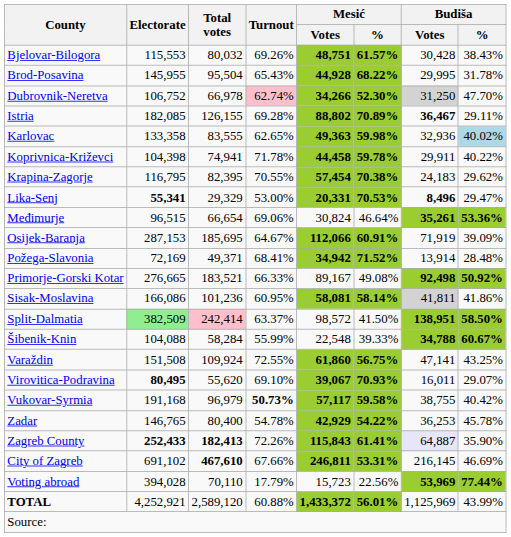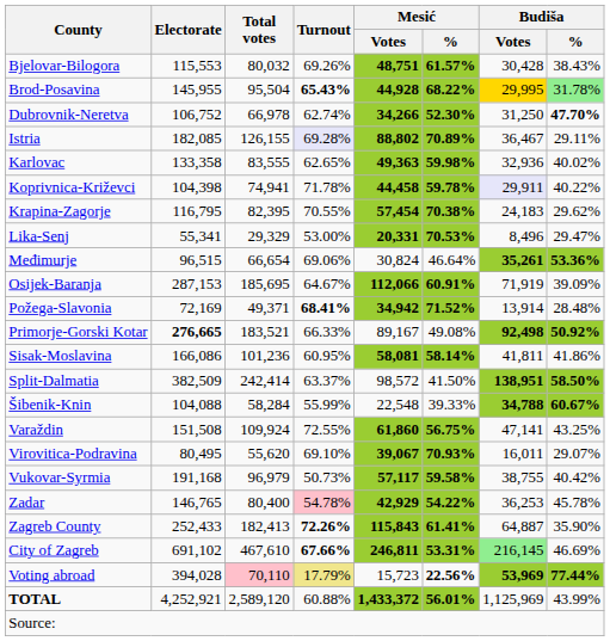 <table class="wikitable sortable">
 <tr>
 <th rowspan=2>County</th>
 <th rowspan=2>Electorate</th>
 <th rowspan=2>Total<br>votes</th>
 <th rowspan=2>Turnout</th>
 <th colspan=2>Mesić</th>
 <th colspan=2>Budiša</th>
 </tr>
 <tr>
 <th>Votes</th>
 <th>%</th>
 <th>Votes</th>
 <th>%</th>
 </tr>
 <tr align=right>
 <td align=left><a href='#'>Bjelovar-Bilogora</a></td>
 <td>115,553</td>
 <td>80,032</td>
 <td>69.26%</td>
 <td style="background:#9ACD32"><strong>48,751</strong></td>
 <td style="background:#9ACD32"><strong>61.57%</strong></td>
 <td>30,428</td>
 <td>38.43%</td>
 </tr>
 <tr align=right>
 <td align=left><a href='#'>Brod-Posavina</a></td>
 <td>145,955</td>
 <td>95,504</td>
-<td>65.43%</td>
+<td><strong>65.43%</strong></td>
 <td style="background:#9ACD32"><strong>44,928</strong></td>
 <td style="background:#9ACD32"><strong>68.22%</strong></td>
-<td>29,995</td>
-<td>31.78%</td>
+<td style="background: gold;">29,995</td>
+<td style="background: lightgreen;">31.78%</td>
 </tr>
 <tr align=right>
 <td align=left><a href='#'>Dubrovnik-Neretva</a></td>
 <td>106,752</td>
 <td>66,978</td>
-<td style="background: pink;">62.74%</td>
+<td>62.74%</td>
 <td style="background:#9ACD32"><strong>34,266 </strong></td>
 <td style="background:#9ACD32"><strong>52.30%</strong></td>
-<td style="background: lightgrey;">31,250</td>
-<td>47.70%</td>
+<td>31,250</td>
+<td><strong>47.70%</strong></td>
 </tr>
 <tr align=right>
 <td align=left><a href='#'>Istria</a></td>
 <td>182,085</td>
 <td>126,155</td>
-<td>69.28%</td>
+<td style="background: lavender;">69.28%</td>
 <td style="background:#9ACD32"><strong>88,802</strong></td>
 <td style="background:#9ACD32"><strong>70.89%</strong></td>
-<td><strong>36,467</strong></td>
+<td>36,467</td>
 <td>29.11%</td>
 </tr>
 <tr align=right>
 <td align=left><a href='#'>Karlovac</a></td>
 <td>133,358</td>
 <td>83,555</td>
 <td>62.65%</td>
 <td style="background:#9ACD32"><strong>49,363</strong></td>
 <td style="background:#9ACD32"><strong>59.98%</strong></td>
 <td>32,936</td>
-<td style="background: lightblue;">40.02%</td>
+<td>40.02%</td>
 </tr>
 <tr align=right>
 <td align=left><a href='#'>Koprivnica-Križevci</a></td>
 <td>104,398</td>
 <td>74,941</td>
 <td>71.78%</td>
 <td style="background:#9ACD32"><strong>44,458 </strong></td>
 <td style="background:#9ACD32"><strong>59.78%</strong></td>
-<td>29,911</td>
+<td style="background: lavender;">29,911</td>
 <td>40.22%</td>
 </tr>
 <tr align=right>
 <td align=left><a href='#'>Krapina-Zagorje</a></td>
 <td>116,795</td>
 <td>82,395</td>
 <td>70.55%</td>
 <td style="background:#9ACD32"><strong>57,454 </strong></td>
 <td style="background:#9ACD32"><strong>70.38%</strong></td>
 <td>24,183</td>
 <td>29.62%</td>
 </tr>
 <tr align=right>
 <td align=left><a href='#'>Lika-Senj</a></td>
-<td><strong>55,341</strong></td>
+<td>55,341</td>
 <td>29,329</td>
 <td>53.00%</td>
 <td style="background:#9ACD32"><strong>20,331 </strong></td>
 <td style="background:#9ACD32"><strong>70.53%</strong></td>
-<td><strong>8,496</strong></td>
+<td>8,496</td>
 <td>29.47%</td>
 </tr>
 <tr align=right>
 <td align=left><a href='#'>Međimurje</a></td>
 <td>96,515</td>
 <td>66,654</td>
 <td>69.06%</td>
 <td>30,824</td>
 <td>46.64%</td>
 <td style="background:#9ACD32"><strong>35,261</strong></td>
 <td style="background:#9ACD32"><strong>53.36%</strong></td>
 </tr>
 <tr align=right>
 <td align=left><a href='#'>Osijek-Baranja</a></td>
 <td>287,153</td>
 <td>185,695</td>
 <td>64.67%</td>
 <td style="background:#9ACD32"><strong>112,066 </strong></td>
 <td style="background:#9ACD32"><strong>60.91%</strong></td>
 <td>71,919</td>
 <td>39.09%</td>
 </tr>
 <tr align=right>
 <td align=left><a href='#'>Požega-Slavonia</a></td>
 <td>72,169</td>
 <td>49,371</td>
-<td>68.41%</td>
+<td><strong>68.41%</strong></td>
 <td style="background:#9ACD32"><strong>34,942</strong></td>
 <td style="background:#9ACD32"><strong>71.52%</strong></td>
 <td>13,914</td>
 <td>28.48%</td>
 </tr>
 <tr align=right>
 <td align=left><a href='#'>Primorje-Gorski Kotar</a></td>
-<td>276,665</td>
+<td><strong>276,665</strong></td>
 <td>183,521</td>
 <td>66.33%</td>
 <td>89,167</td>
 <td>49.08%</td>
 <td style="background:#9ACD32"><strong>92,498 </strong></td>
 <td style="background:#9ACD32"><strong>50.92%</strong></td>
 </tr>
 <tr align=right>
 <td align=left><a href='#'>Sisak-Moslavina</a></td>
 <td>166,086</td>
 <td>101,236</td>
 <td>60.95%</td>
 <td style="background:#9ACD32"><strong>58,081</strong></td>
 <td style="background:#9ACD32"><strong>58.14%</strong></td>
-<td style="background: lightgrey;">41,811</td>
+<td>41,811</td>
 <td>41.86%</td>
 </tr>
 <tr align=right>
 <td align=left><a href='#'>Split-Dalmatia</a></td>
-<td style="background: lightgreen;">382,509</td>
-<td style="background: pink;">242,414</td>
+<td>382,509</td>
+<td>242,414</td>
 <td>63.37%</td>
 <td>98,572</td>
 <td>41.50%</td>
 <td style="background:#9ACD32"><strong>138,951 </strong></td>
 <td style="background:#9ACD32"><strong>58.50%</strong></td>
 </tr>
 <tr align=right>
 <td align=left><a href='#'>Šibenik-Knin</a></td>
 <td>104,088</td>
 <td>58,284</td>
 <td>55.99%</td>
 <td>22,548</td>
 <td>39.33%</td>
 <td style="background:#9ACD32"><strong>34,788 </strong></td>
 <td style="background:#9ACD32"><strong>60.67%</strong></td>
 </tr>
 <tr align=right>
 <td align=left><a href='#'>Varaždin</a></td>
 <td>151,508</td>
 <td>109,924</td>
 <td>72.55%</td>
 <td style="background:#9ACD32"><strong>61,860 </strong></td>
 <td style="background:#9ACD32"><strong>56.75%</strong></td>
 <td>47,141</td>
 <td>43.25%</td>
 </tr>
 <tr align=right>
 <td align=left><a href='#'>Virovitica-Podravina</a></td>
-<td><strong>80,495</strong></td>
+<td>80,495</td>
 <td>55,620</td>
 <td>69.10%</td>
 <td style="background:#9ACD32"><strong>39,067</strong></td>
 <td style="background:#9ACD32"><strong>70.93%</strong></td>
 <td>16,011</td>
 <td>29.07%</td>
 </tr>
 <tr align=right>
 <td align=left><a href='#'>Vukovar-Syrmia</a></td>
 <td>191,168</td>
 <td>96,979</td>
-<td><strong>50.73%</strong></td>
+<td>50.73%</td>
 <td style="background:#9ACD32"><strong>57,117 </strong></td>
 <td style="background:#9ACD32"><strong>59.58%</strong></td>
 <td>38,755</td>
 <td>40.42%</td>
 </tr>
 <tr align=right>
 <td align=left><a href='#'>Zadar</a></td>
 <td>146,765</td>
 <td>80,400</td>
-<td>54.78%</td>
+<td style="background: pink;">54.78%</td>
 <td style="background:#9ACD32"><strong>42,929 </strong></td>
 <td style="background:#9ACD32"><strong>54.22%</strong></td>
 <td>36,253</td>
 <td>45.78%</td>
 </tr>
 <tr align=right>
 <td align=left><a href='#'>Zagreb County</a></td>
-<td><strong>252,433</strong></td>
-<td><strong>182,413</strong></td>
-<td>72.26%</td>
+<td>252,433</td>
+<td>182,413</td>
+<td><strong>72.26%</strong></td>
 <td style="background:#9ACD32"><strong>115,843 </strong></td>
 <td style="background:#9ACD32"><strong>61.41%</strong></td>
-<td style="background: lavender;">64,887</td>
+<td>64,887</td>
 <td>35.90%</td>
 </tr>
 <tr align=right>
 <td align=left><a href='#'>City of Zagreb</a></td>
 <td>691,102</td>
-<td><strong>467,610</strong></td>
-<td>67.66%</td>
+<td>467,610</td>
+<td><strong>67.66%</strong></td>
 <td style="background:#9ACD32"><strong>246,811 </strong></td>
 <td style="background:#9ACD32"><strong>53.31%</strong></td>
-<td>216,145</td>
+<td style="background: lightgreen;">216,145</td>
 <td>46.69%</td>
 </tr>
 <tr align=right>
 <td align=left><a href='#'>Voting abroad</a></td>
 <td>394,028</td>
-<td>70,110</td>
-<td>17.79%</td>
+<td style="background: pink;">70,110</td>
+<td style="background: khaki;">17.79%</td>
 <td>15,723</td>
-<td>22.56%</td>
+<td><strong>22.56%</strong></td>
 <td style="background:#9ACD32"><strong>53,969 </strong></td>
 <td style="background:#9ACD32"><strong>77.44%</strong></td>
 </tr>
 <tr align=right +>
 <td align=left><strong>TOTAL</strong></td>
 <td>4,252,921</td>
 <td>2,589,120</td>
 <td>60.88%</td>
 <td style="background:#9ACD32"><strong>1,433,372</strong></td>
 <td style="background:#9ACD32"><strong>56.01%</strong></td>
 <td>1,125,969</td>
 <td>43.99%</td>
 </tr>
 <tr class="sortbottom">
 <td colspan=12>Source: </td>
 </tr>
 </table>
